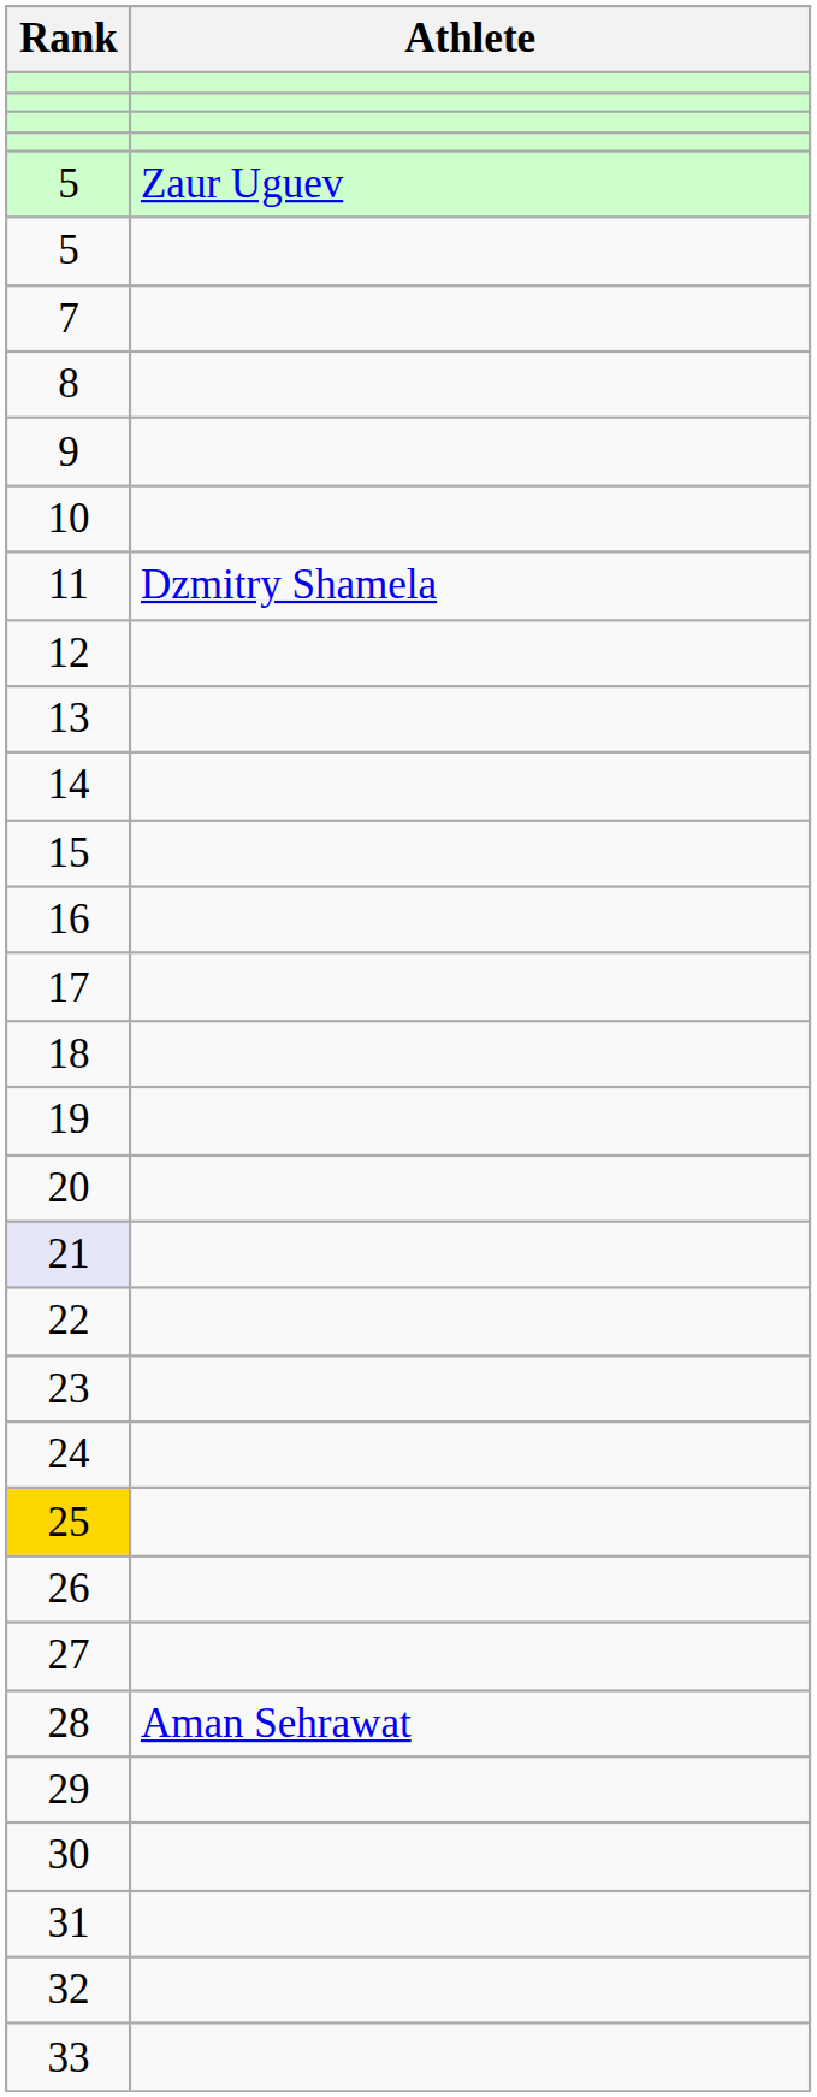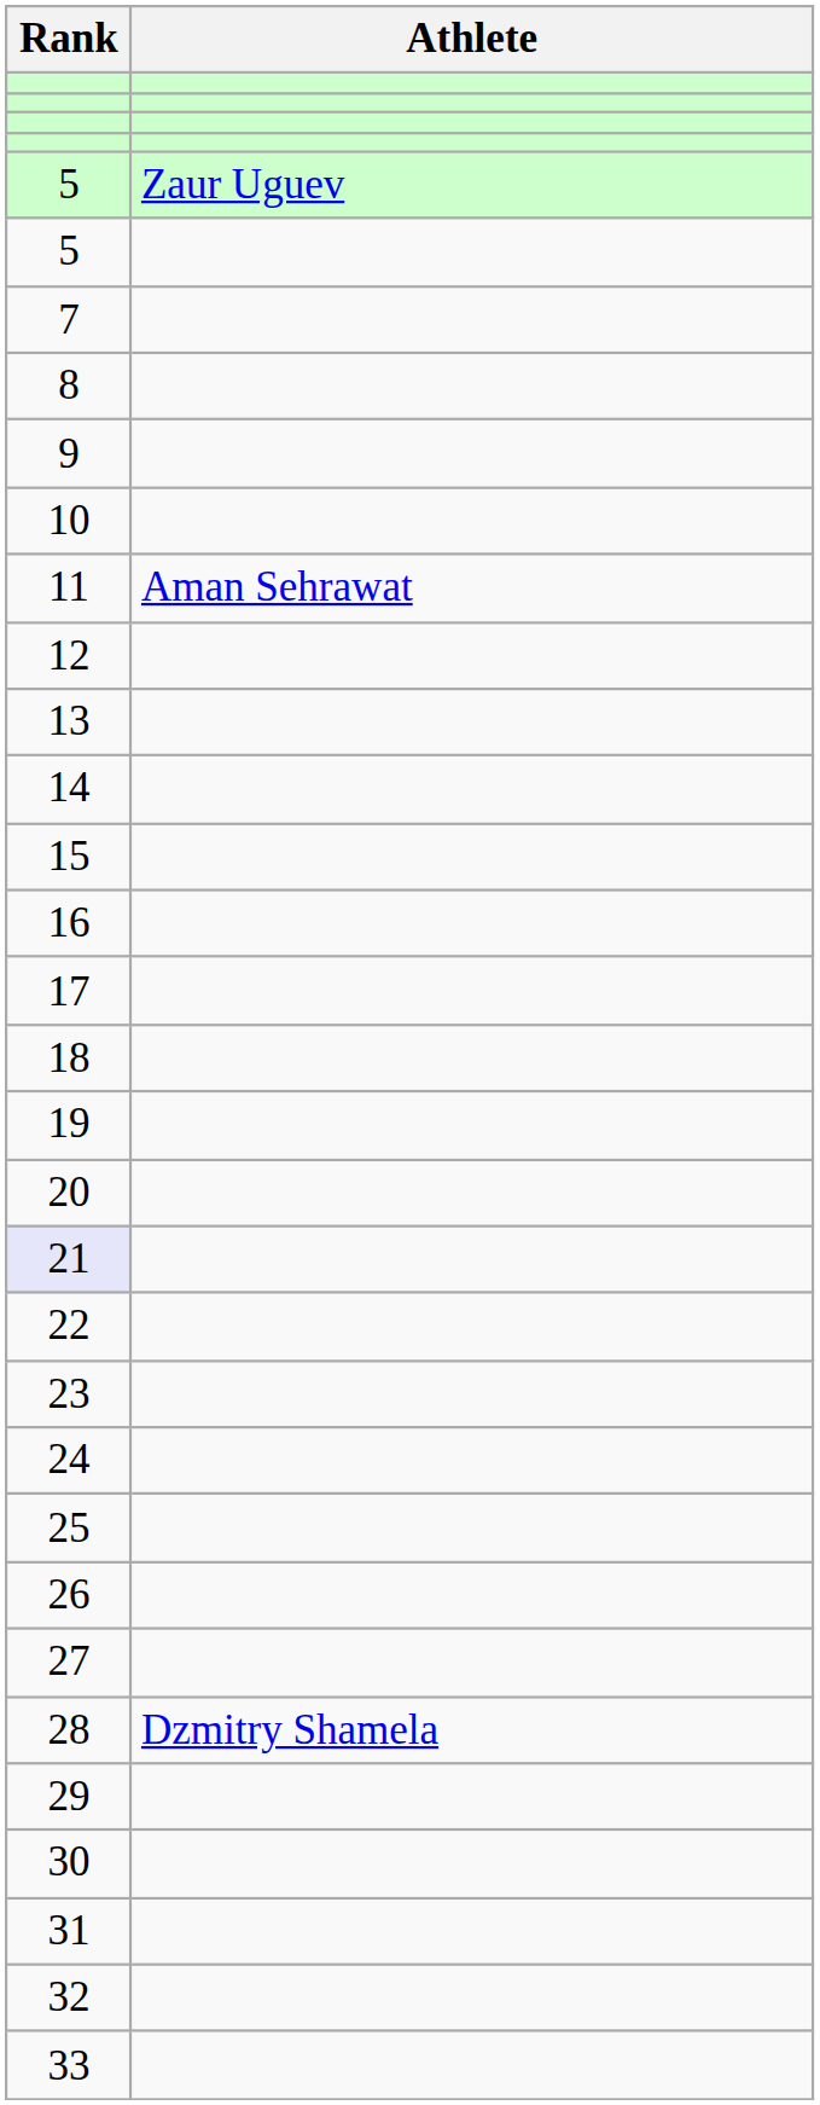 <table class="wikitable" style="text-align: center;">
 <tr>
 <th width=40>Rank</th>
 <th width=250>Athlete</th>
 </tr>
 <tr bgcolor=#ccffcc>
 <td></td>
 <td align="left"></td>
 </tr>
 <tr bgcolor=#ccffcc>
 <td></td>
 <td align="left"></td>
 </tr>
 <tr bgcolor=#ccffcc>
 <td></td>
 <td align="left"></td>
 </tr>
 <tr bgcolor=#ccffcc>
 <td></td>
 <td align="left"></td>
 </tr>
 <tr bgcolor=#ccffcc>
 <td>5</td>
 <td align="left"> <a href='#'>Zaur Uguev</a> </td>
 </tr>
 <tr>
 <td>5</td>
 <td align="left"></td>
 </tr>
 <tr>
 <td>7</td>
 <td align="left"></td>
 </tr>
 <tr>
 <td>8</td>
 <td align="left"></td>
 </tr>
 <tr>
 <td>9</td>
 <td align="left"></td>
 </tr>
 <tr>
 <td>10</td>
 <td align="left"></td>
 </tr>
 <tr>
 <td>11</td>
-<td align="left"> <a href='#'>Dzmitry Shamela</a> </td>
+<td align="left"> <a href='#'>Aman Sehrawat</a> </td>
 </tr>
 <tr>
 <td>12</td>
 <td align="left"></td>
 </tr>
 <tr>
 <td>13</td>
 <td align="left"></td>
 </tr>
 <tr>
 <td>14</td>
 <td align="left"></td>
 </tr>
 <tr>
 <td>15</td>
 <td align="left"></td>
 </tr>
 <tr>
 <td>16</td>
 <td align="left"></td>
 </tr>
 <tr>
 <td>17</td>
 <td align="left"></td>
 </tr>
 <tr>
 <td>18</td>
 <td align="left"></td>
 </tr>
 <tr>
 <td>19</td>
 <td align="left"></td>
 </tr>
 <tr>
 <td>20</td>
 <td align="left"></td>
 </tr>
 <tr>
 <td style="background: lavender;">21</td>
 <td align="left"></td>
 </tr>
 <tr>
 <td>22</td>
 <td align="left"></td>
 </tr>
 <tr>
 <td>23</td>
 <td align="left"></td>
 </tr>
 <tr>
 <td>24</td>
 <td align="left"></td>
 </tr>
 <tr>
-<td style="background: gold;">25</td>
+<td>25</td>
 <td align="left"></td>
 </tr>
 <tr>
 <td>26</td>
 <td align="left"></td>
 </tr>
 <tr>
 <td>27</td>
 <td align="left"></td>
 </tr>
 <tr>
 <td>28</td>
-<td align="left"> <a href='#'>Aman Sehrawat</a> </td>
+<td align="left"> <a href='#'>Dzmitry Shamela</a> </td>
 </tr>
 <tr>
 <td>29</td>
 <td align="left"></td>
 </tr>
 <tr>
 <td>30</td>
 <td align="left"></td>
 </tr>
 <tr>
 <td>31</td>
 <td align="left"></td>
 </tr>
 <tr>
 <td>32</td>
 <td align="left"></td>
 </tr>
 <tr>
 <td>33</td>
 <td align="left"></td>
 </tr>
 </table>
